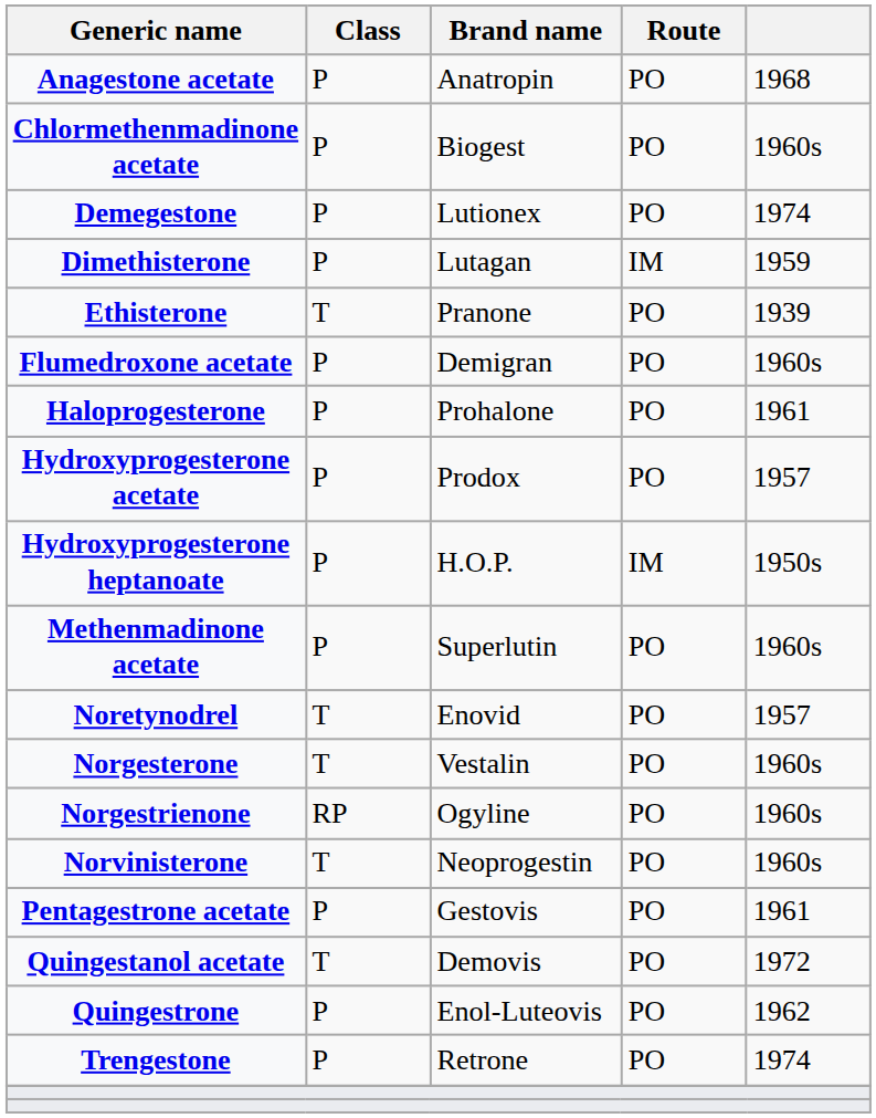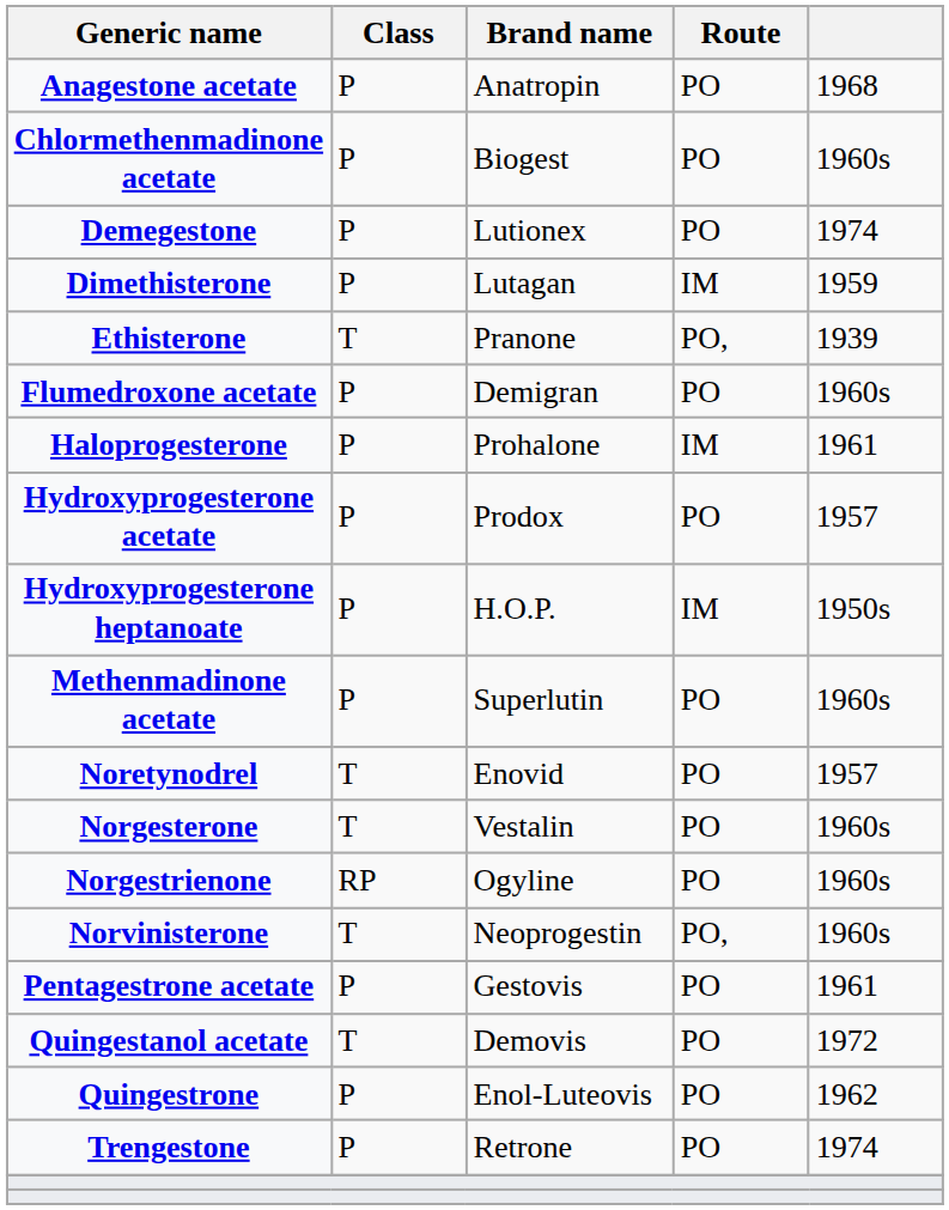 <table class="wikitable floatright plainrowheaders" style="font-size:small; margin-left: auto; margin-right: auto; border: none;">
 <tr>
 <th scope="col" style="width:100px;">Generic name</th>
 <th scope="col" style="width:50px;">Class</th>
 <th scope="col" style="width:80px;">Brand name</th>
 <th scope="col" style="width:50px;">Route</th>
 <th scope="col" style="width:50px;"></th>
 </tr>
 <tr>
 <th scope="row" style="background: #f8f9fa;"><a href='#'>Anagestone acetate</a></th>
 <td>P</td>
 <td>Anatropin</td>
 <td>PO</td>
 <td>1968</td>
 </tr>
 <tr>
 <th scope="row" style="background: #f8f9fa;"><a href='#'>Chlormethenmadinone acetate</a></th>
 <td>P</td>
 <td>Biogest</td>
 <td>PO</td>
 <td>1960s</td>
 </tr>
 <tr>
 <th scope="row" style="background: #f8f9fa;"><a href='#'>Demegestone</a></th>
 <td>P</td>
 <td>Lutionex</td>
 <td>PO</td>
 <td>1974</td>
 </tr>
 <tr>
 <th scope="row" style="background: #f8f9fa;"><a href='#'>Dimethisterone</a></th>
 <td>P</td>
 <td>Lutagan</td>
 <td>IM</td>
 <td>1959</td>
 </tr>
 <tr>
 <th scope="row" style="background: #f8f9fa;"><a href='#'>Ethisterone</a></th>
 <td>T</td>
 <td>Pranone</td>
-<td>PO</td>
+<td>PO, </td>
 <td>1939</td>
 </tr>
 <tr>
 <th scope="row" style="background: #f8f9fa;"><a href='#'>Flumedroxone acetate</a></th>
 <td>P</td>
 <td>Demigran</td>
 <td>PO</td>
 <td>1960s</td>
 </tr>
 <tr>
 <th scope="row" style="background: #f8f9fa;"><a href='#'>Haloprogesterone</a></th>
 <td>P</td>
 <td>Prohalone</td>
-<td>PO</td>
+<td>IM</td>
 <td>1961</td>
 </tr>
 <tr>
 <th scope="row" style="background: #f8f9fa;"><a href='#'>Hydroxyprogesterone acetate</a></th>
 <td>P</td>
 <td>Prodox</td>
 <td>PO</td>
 <td>1957</td>
 </tr>
 <tr>
 <th scope="row" style="background: #f8f9fa;"><a href='#'>Hydroxyprogesterone heptanoate</a></th>
 <td>P</td>
 <td>H.O.P.</td>
 <td>IM</td>
 <td>1950s</td>
 </tr>
 <tr>
 <th scope="row" style="background: #f8f9fa;"><a href='#'>Methenmadinone acetate</a></th>
 <td>P</td>
 <td>Superlutin</td>
 <td>PO</td>
 <td>1960s</td>
 </tr>
 <tr>
 <th scope="row" style="background: #f8f9fa;"><a href='#'>Noretynodrel</a></th>
 <td>T</td>
 <td>Enovid</td>
 <td>PO</td>
 <td>1957</td>
 </tr>
 <tr>
 <th scope="row" style="background: #f8f9fa;"><a href='#'>Norgesterone</a></th>
 <td>T</td>
 <td>Vestalin</td>
 <td>PO</td>
 <td>1960s</td>
 </tr>
 <tr>
 <th scope="row" style="background: #f8f9fa;"><a href='#'>Norgestrienone</a></th>
 <td>RP</td>
 <td>Ogyline</td>
 <td>PO</td>
 <td>1960s</td>
 </tr>
 <tr>
 <th scope="row" style="background: #f8f9fa;"><a href='#'>Norvinisterone</a></th>
 <td>T</td>
 <td>Neoprogestin</td>
-<td>PO</td>
+<td>PO, </td>
 <td>1960s</td>
 </tr>
 <tr>
 <th scope="row" style="background: #f8f9fa;"><a href='#'>Pentagestrone acetate</a></th>
 <td>P</td>
 <td>Gestovis</td>
 <td>PO</td>
 <td>1961</td>
 </tr>
 <tr>
 <th scope="row" style="background: #f8f9fa;"><a href='#'>Quingestanol acetate</a></th>
 <td>T</td>
 <td>Demovis</td>
 <td>PO</td>
 <td>1972</td>
 </tr>
 <tr>
 <th scope="row" style="background: #f8f9fa;"><a href='#'>Quingestrone</a></th>
 <td>P</td>
 <td>Enol-Luteovis</td>
 <td>PO</td>
 <td>1962</td>
 </tr>
 <tr>
 <th scope="row" style="background: #f8f9fa;"><a href='#'>Trengestone</a></th>
 <td>P</td>
 <td>Retrone</td>
 <td>PO</td>
 <td>1974</td>
 </tr>
 <tr>
 </tr>
 <tr class="sortbottom">
 <td colspan="6" style="width: 1px; background-color:#eaecf0; text-align: center;"></td>
 </tr>
 <tr>
 <td colspan="6" style="width: 1px; background-color:#eaecf0; text-align: center;"></td>
 </tr>
 </table>
